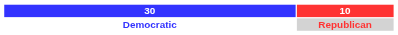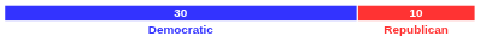 <table style="width:50%">
 <tr>
 <td colspan="3" scope="row" style="text-align:center"></td>
 </tr>
 <tr>
 <td scope="row" style="background:#33F; width:75%; text-align:center; color:white"><strong>30</strong></td>
 <td style="background:#F33; width:25%; text-align:center; color:white"><strong>10</strong></td>
 </tr>
 <tr>
 <td scope="row" style="text-align:center; color:#33F"><strong>Democratic</strong></td>
-<td style="background: lightgrey; text-align:center; color:#F33"><strong>Republican</strong></td>
+<td style="text-align:center; color:#F33"><strong>Republican</strong></td>
 </tr>
 </table>
